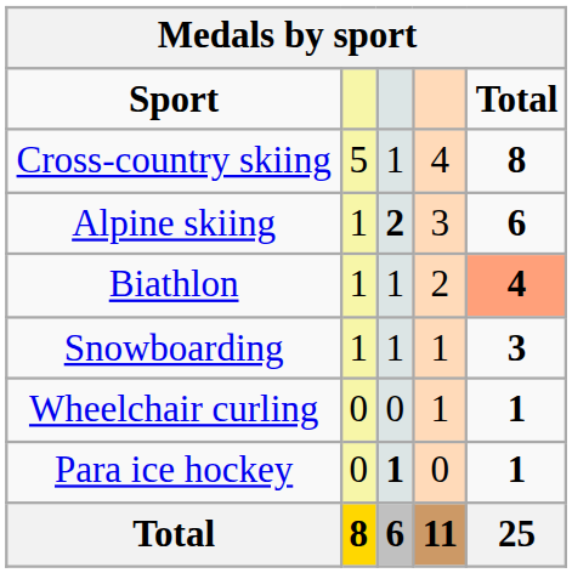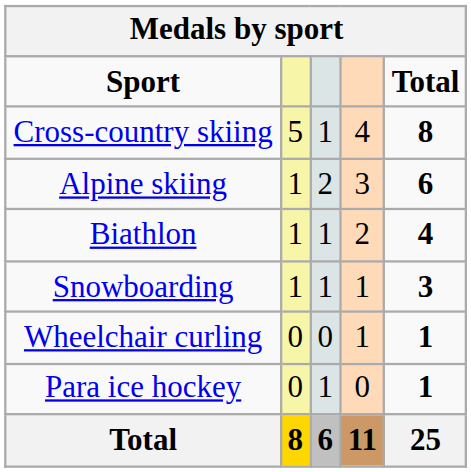 <table class="wikitable" style="font-size:85%;float:right">
 <tr style="background:#efefef;">
 <th colspan=5>Medals by sport</th>
 </tr>
 <tr align=center>
 <td><strong>Sport</strong></td>
 <td style="background:#f7f6a8;"></td>
 <td style="background:#dce5e5;"></td>
 <td style="background:#ffdab9;"></td>
 <td><strong>Total</strong></td>
 </tr>
 <tr align=center>
 <td><a href='#'>Cross-country skiing</a></td>
 <td style="background:#f7f6a8;">5</td>
 <td style="background:#dce5e5;">1</td>
 <td style="background:#ffdab9;">4</td>
 <td><strong>8</strong></td>
 </tr>
 <tr align=center>
 <td><a href='#'>Alpine skiing</a></td>
 <td style="background:#f7f6a8;">1</td>
-<td style="background:#dce5e5;"><strong>2</strong></td>
+<td style="background:#dce5e5;">2</td>
 <td style="background:#ffdab9;">3</td>
 <td><strong>6</strong></td>
 </tr>
 <tr align=center>
 <td><a href='#'>Biathlon</a></td>
 <td style="background:#f7f6a8;">1</td>
 <td style="background:#dce5e5;">1</td>
 <td style="background:#ffdab9;">2</td>
-<td style="background: lightsalmon;"><strong>4</strong></td>
+<td><strong>4</strong></td>
 </tr>
 <tr align=center>
 <td><a href='#'>Snowboarding</a></td>
 <td style="background:#f7f6a8;">1</td>
 <td style="background:#dce5e5;">1</td>
 <td style="background:#ffdab9;">1</td>
 <td><strong>3</strong></td>
 </tr>
 <tr align=center>
 <td><a href='#'>Wheelchair curling</a></td>
 <td style="background:#f7f6a8;">0</td>
 <td style="background:#dce5e5;">0</td>
 <td style="background:#ffdab9;">1</td>
 <td><strong>1</strong></td>
 </tr>
 <tr align=center>
 <td><a href='#'>Para ice hockey</a></td>
 <td style="background:#f7f6a8;">0</td>
-<td style="background:#dce5e5;"><strong>1</strong></td>
+<td style="background:#dce5e5;">1</td>
 <td style="background:#ffdab9;">0</td>
 <td><strong>1</strong></td>
 </tr>
 <tr align=center>
 <th>Total</th>
 <th style="background:gold;">8</th>
 <th style="background:silver;">6</th>
 <th style="background:#c96;">11</th>
 <th>25</th>
 </tr>
 </table>
